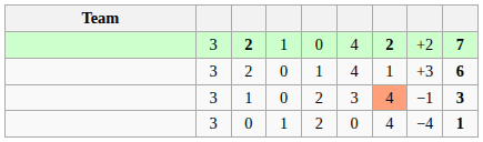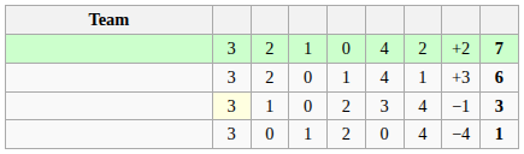 <table class="wikitable" style="text-align: center; font-size: 90%;">
 <tr>
 <th width=165>Team</th>
 <th width=25></th>
 <th width=25></th>
 <th width=25></th>
 <th width=25></th>
 <th width=25></th>
 <th width=25></th>
 <th width=25></th>
 <th width=25></th>
 </tr>
 <tr style="background:#cfc;">
 <td align="left"></td>
 <td>3</td>
-<td><strong>2</strong></td>
+<td>2</td>
 <td>1</td>
 <td>0</td>
 <td>4</td>
-<td><strong>2</strong></td>
+<td>2</td>
 <td>+2</td>
 <td><strong>7</strong></td>
 </tr>
 <tr>
 <td align="left"></td>
 <td>3</td>
 <td>2</td>
 <td>0</td>
 <td>1</td>
 <td>4</td>
 <td>1</td>
 <td>+3</td>
 <td><strong>6</strong></td>
 </tr>
 <tr>
 <td align="left"><em></em></td>
-<td>3</td>
+<td style="background: lightyellow;">3</td>
 <td>1</td>
 <td>0</td>
 <td>2</td>
 <td>3</td>
-<td style="background: lightsalmon;">4</td>
+<td>4</td>
 <td>−1</td>
 <td><strong>3</strong></td>
 </tr>
 <tr>
 <td align="left"></td>
 <td>3</td>
 <td>0</td>
 <td>1</td>
 <td>2</td>
 <td>0</td>
 <td>4</td>
 <td>−4</td>
 <td><strong>1</strong></td>
 </tr>
 </table>
